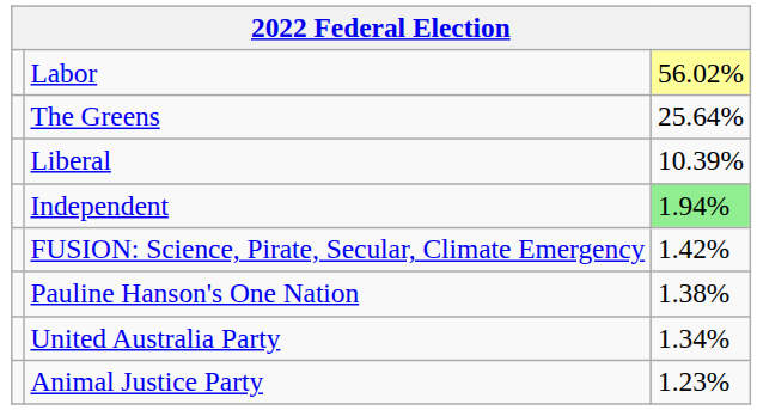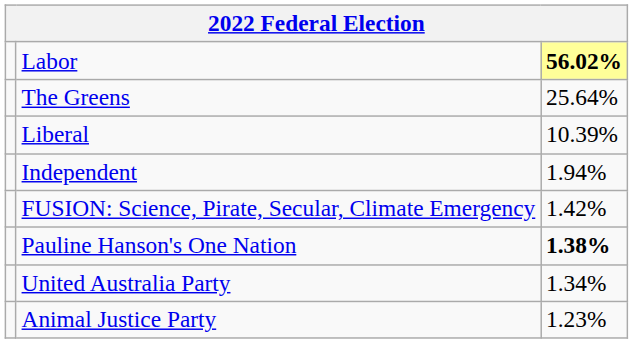 <table class="wikitable" style="float:right; margin-left:0.5em">
 <tr>
 <th colspan = 3><a href='#'>2022 Federal Election</a></th>
 </tr>
 <tr>
 <td></td>
 <td><a href='#'>Labor</a></td>
-<td style="background:#ff9;">56.02%</td>
+<td style="background:#ff9;"><strong>56.02%</strong></td>
 </tr>
 <tr>
 <td></td>
 <td><a href='#'>The Greens</a></td>
 <td>25.64%</td>
 </tr>
 <tr>
 <td></td>
 <td><a href='#'>Liberal</a></td>
 <td>10.39%</td>
 </tr>
 <tr>
 <td></td>
 <td><a href='#'>Independent</a></td>
-<td style="background: lightgreen;">1.94%</td>
+<td>1.94%</td>
 </tr>
 <tr>
 <td></td>
 <td><a href='#'>FUSION: Science, Pirate, Secular, Climate Emergency</a></td>
 <td>1.42%</td>
 </tr>
 <tr>
 <td></td>
 <td><a href='#'>Pauline Hanson's One Nation</a></td>
-<td>1.38%</td>
+<td><strong>1.38%</strong></td>
 </tr>
 <tr>
 <td></td>
 <td><a href='#'>United Australia Party</a></td>
 <td>1.34%</td>
 </tr>
 <tr>
 <td></td>
 <td><a href='#'>Animal Justice Party</a></td>
 <td>1.23%</td>
 </tr>
 </table>
